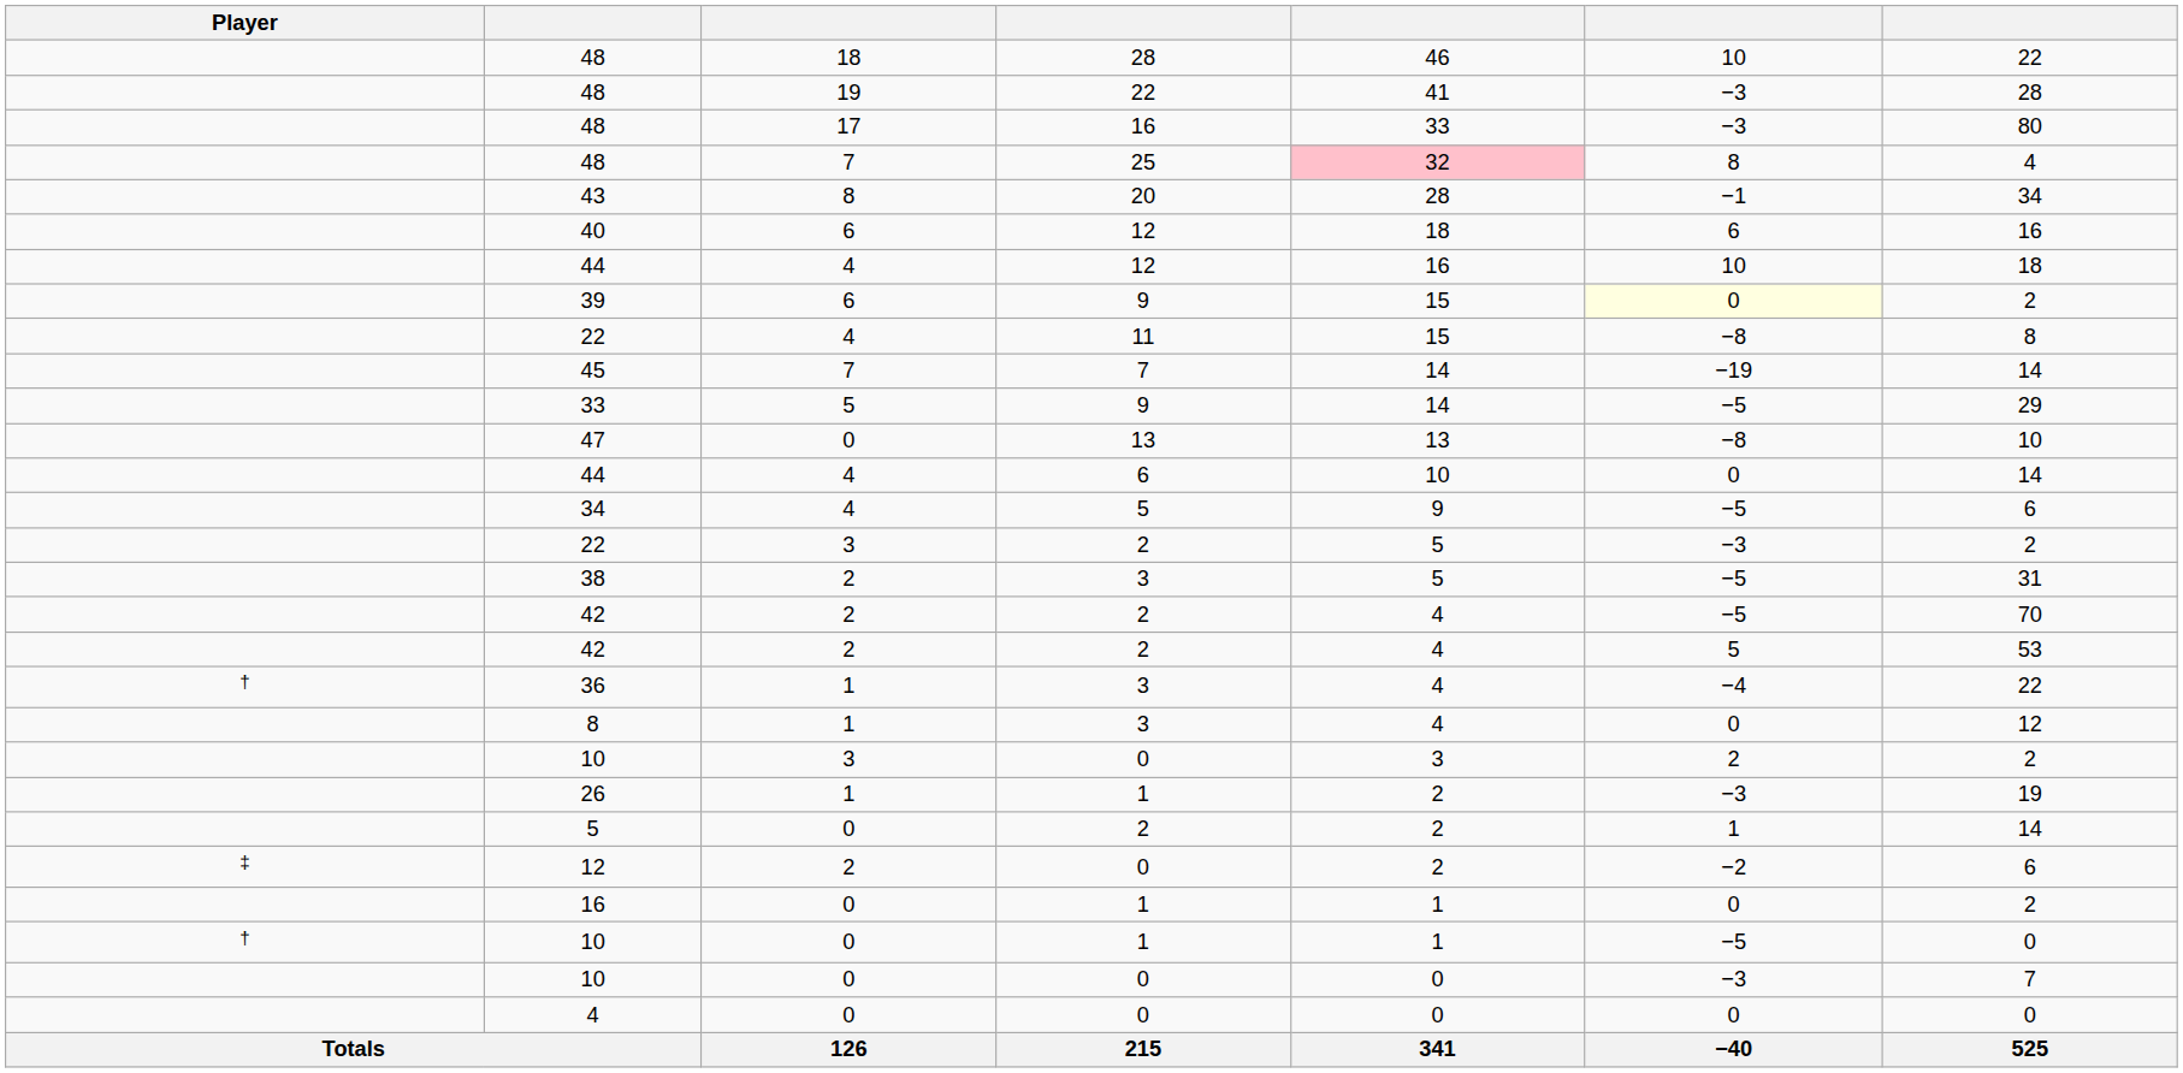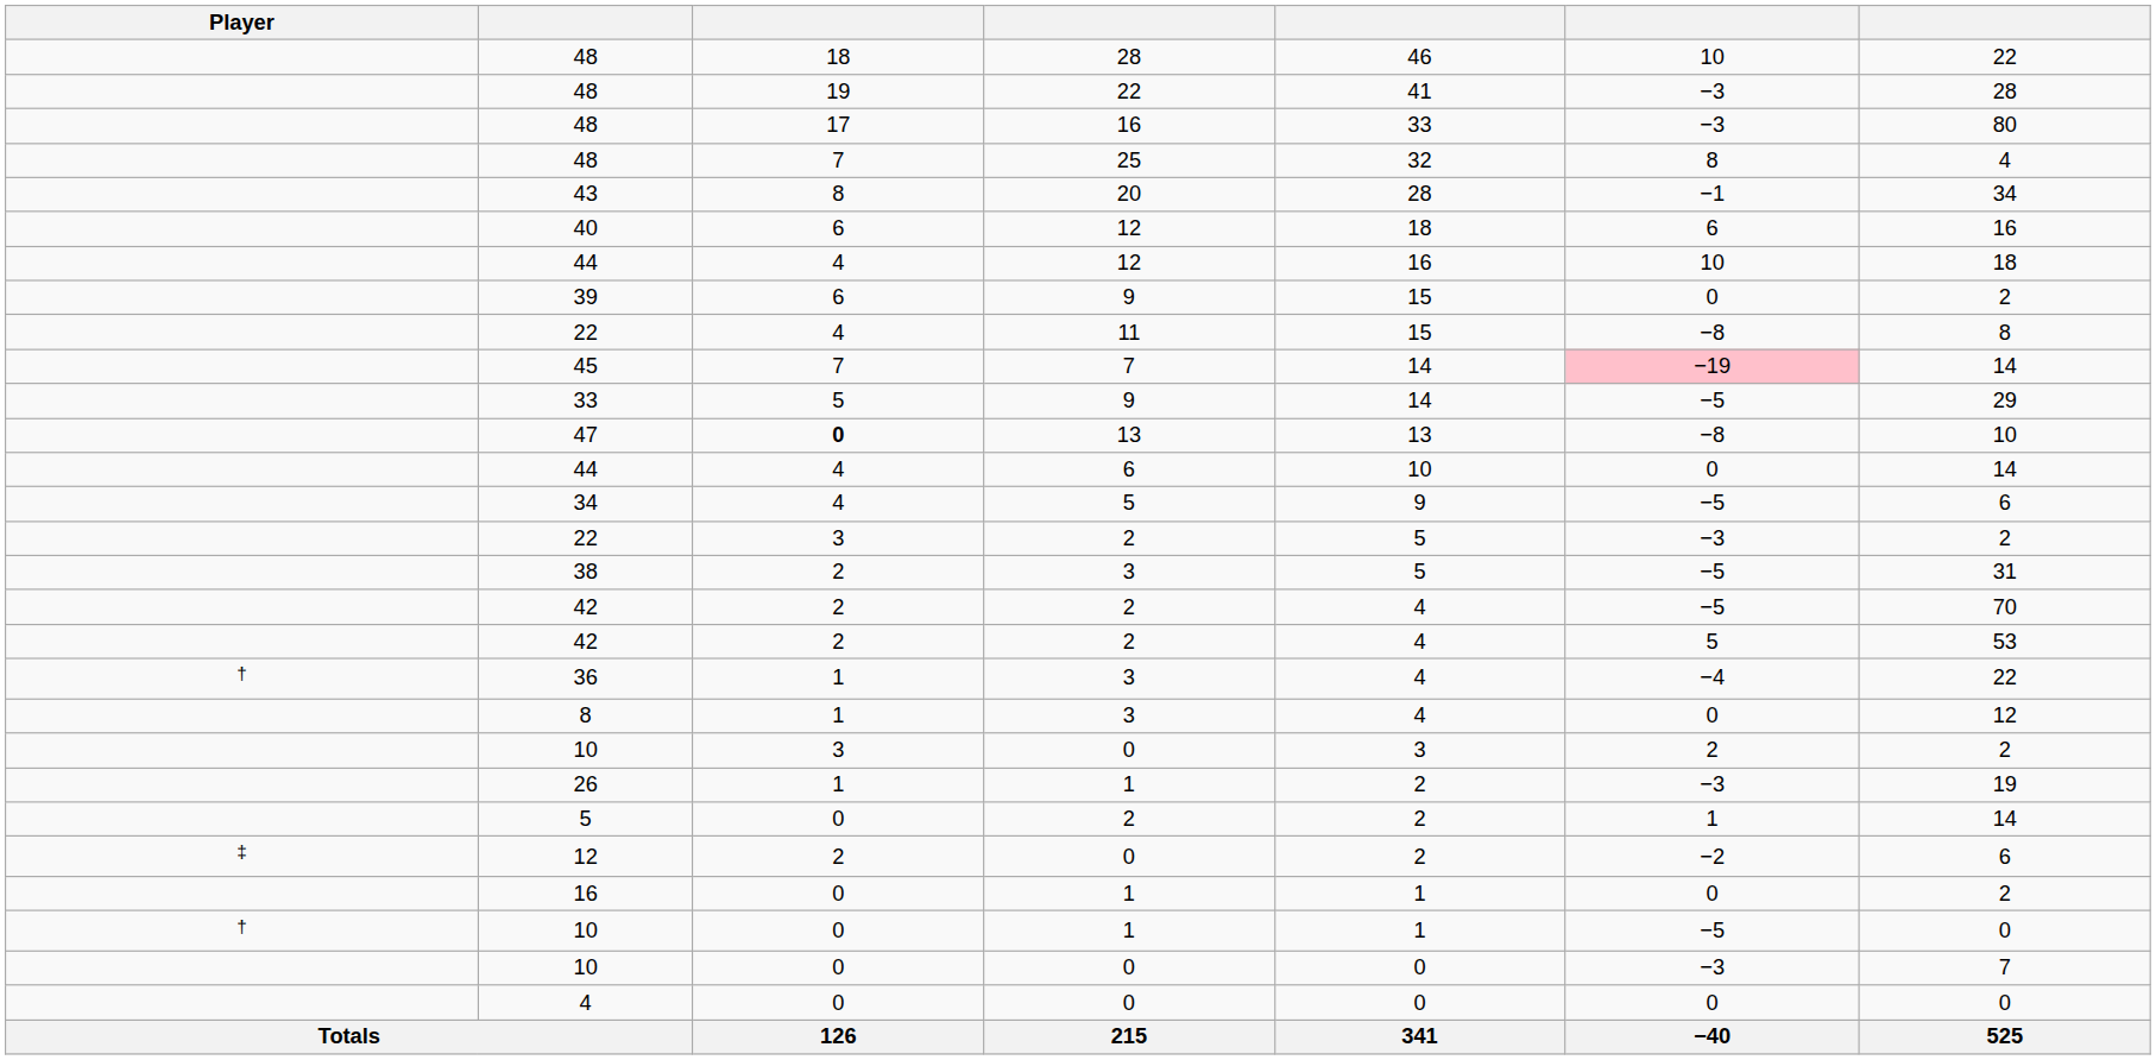 <table class="wikitable sortable" style="width:100%; text-align:center;">
 <tr align=center>
 <th>Player</th>
 <th></th>
 <th></th>
 <th></th>
 <th></th>
 <th data-sort-type="number"></th>
 <th></th>
 </tr>
 <tr>
 <td></td>
 <td>48</td>
 <td>18</td>
 <td>28</td>
 <td>46</td>
 <td>10</td>
 <td>22</td>
 </tr>
 <tr>
 <td></td>
 <td>48</td>
 <td>19</td>
 <td>22</td>
 <td>41</td>
 <td>−3</td>
 <td>28</td>
 </tr>
 <tr>
 <td></td>
 <td>48</td>
 <td>17</td>
 <td>16</td>
 <td>33</td>
 <td>−3</td>
 <td>80</td>
 </tr>
 <tr>
 <td></td>
 <td>48</td>
 <td>7</td>
 <td>25</td>
-<td style="background: pink;">32</td>
+<td>32</td>
 <td>8</td>
 <td>4</td>
 </tr>
 <tr>
 <td></td>
 <td>43</td>
 <td>8</td>
 <td>20</td>
 <td>28</td>
 <td>−1</td>
 <td>34</td>
 </tr>
 <tr>
 <td></td>
 <td>40</td>
 <td>6</td>
 <td>12</td>
 <td>18</td>
 <td>6</td>
 <td>16</td>
 </tr>
 <tr>
 <td></td>
 <td>44</td>
 <td>4</td>
 <td>12</td>
 <td>16</td>
 <td>10</td>
 <td>18</td>
 </tr>
 <tr>
 <td></td>
 <td>39</td>
 <td>6</td>
 <td>9</td>
 <td>15</td>
-<td style="background: lightyellow;">0</td>
+<td>0</td>
 <td>2</td>
 </tr>
 <tr>
 <td></td>
 <td>22</td>
 <td>4</td>
 <td>11</td>
 <td>15</td>
 <td>−8</td>
 <td>8</td>
 </tr>
 <tr>
 <td></td>
 <td>45</td>
 <td>7</td>
 <td>7</td>
 <td>14</td>
-<td>−19</td>
+<td style="background: pink;">−19</td>
 <td>14</td>
 </tr>
 <tr>
 <td></td>
 <td>33</td>
 <td>5</td>
 <td>9</td>
 <td>14</td>
 <td>−5</td>
 <td>29</td>
 </tr>
 <tr>
 <td></td>
 <td>47</td>
-<td>0</td>
+<td><strong>0</strong></td>
 <td>13</td>
 <td>13</td>
 <td>−8</td>
 <td>10</td>
 </tr>
 <tr>
 <td></td>
 <td>44</td>
 <td>4</td>
 <td>6</td>
 <td>10</td>
 <td>0</td>
 <td>14</td>
 </tr>
 <tr>
 <td></td>
 <td>34</td>
 <td>4</td>
 <td>5</td>
 <td>9</td>
 <td>−5</td>
 <td>6</td>
 </tr>
 <tr>
 <td></td>
 <td>22</td>
 <td>3</td>
 <td>2</td>
 <td>5</td>
 <td>−3</td>
 <td>2</td>
 </tr>
 <tr>
 <td></td>
 <td>38</td>
 <td>2</td>
 <td>3</td>
 <td>5</td>
 <td>−5</td>
 <td>31</td>
 </tr>
 <tr>
 <td></td>
 <td>42</td>
 <td>2</td>
 <td>2</td>
 <td>4</td>
 <td>−5</td>
 <td>70</td>
 </tr>
 <tr>
 <td></td>
 <td>42</td>
 <td>2</td>
 <td>2</td>
 <td>4</td>
 <td>5</td>
 <td>53</td>
 </tr>
 <tr>
 <td><sup>†</sup></td>
 <td>36</td>
 <td>1</td>
 <td>3</td>
 <td>4</td>
 <td>−4</td>
 <td>22</td>
 </tr>
 <tr>
 <td></td>
 <td>8</td>
 <td>1</td>
 <td>3</td>
 <td>4</td>
 <td>0</td>
 <td>12</td>
 </tr>
 <tr>
 <td></td>
 <td>10</td>
 <td>3</td>
 <td>0</td>
 <td>3</td>
 <td>2</td>
 <td>2</td>
 </tr>
 <tr>
 <td></td>
 <td>26</td>
 <td>1</td>
 <td>1</td>
 <td>2</td>
 <td>−3</td>
 <td>19</td>
 </tr>
 <tr>
 <td></td>
 <td>5</td>
 <td>0</td>
 <td>2</td>
 <td>2</td>
 <td>1</td>
 <td>14</td>
 </tr>
 <tr>
 <td><sup>‡</sup></td>
 <td>12</td>
 <td>2</td>
 <td>0</td>
 <td>2</td>
 <td>−2</td>
 <td>6</td>
 </tr>
 <tr>
 <td></td>
 <td>16</td>
 <td>0</td>
 <td>1</td>
 <td>1</td>
 <td>0</td>
 <td>2</td>
 </tr>
 <tr>
 <td><sup>†</sup></td>
 <td>10</td>
 <td>0</td>
 <td>1</td>
 <td>1</td>
 <td>−5</td>
 <td>0</td>
 </tr>
 <tr>
 <td></td>
 <td>10</td>
 <td>0</td>
 <td>0</td>
 <td>0</td>
 <td>−3</td>
 <td>7</td>
 </tr>
 <tr>
 <td></td>
 <td>4</td>
 <td>0</td>
 <td>0</td>
 <td>0</td>
 <td>0</td>
 <td>0</td>
 </tr>
 <tr class="unsortable">
 <th colspan=2>Totals</th>
 <th>126</th>
 <th>215</th>
 <th>341</th>
 <th>−40</th>
 <th>525</th>
 </tr>
 </table>
